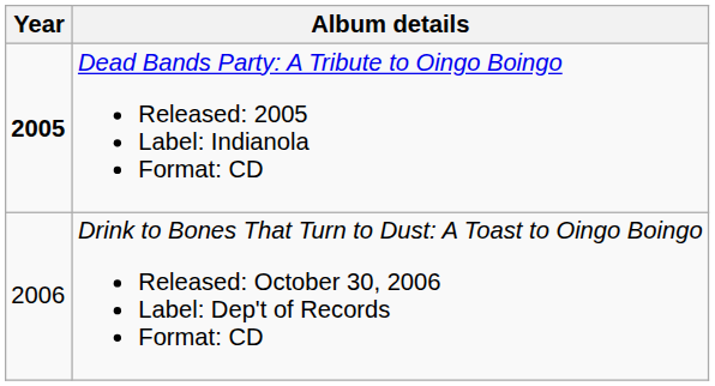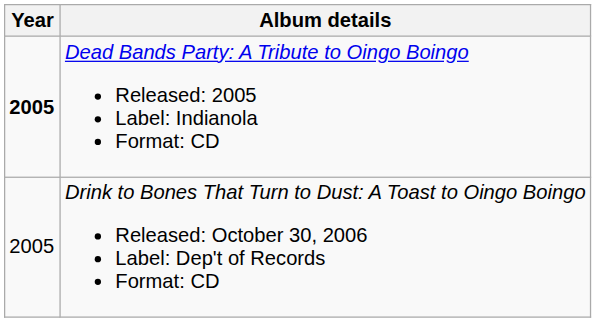 <table class="wikitable">
 <tr>
 <th style="width:2.3em;">Year</th>
 <th>Album details</th>
 </tr>
 <tr>
 <td><strong>2005</strong></td>
 <td><em><a href='#'>Dead Bands Party: A Tribute to Oingo Boingo</a></em><br><ul><li>Released: 2005</li><li>Label: Indianola</li><li>Format: CD</li></ul></td>
 </tr>
 <tr>
-<td>2006</td>
+<td>2005</td>
 <td><em>Drink to Bones That Turn to Dust: A Toast to Oingo Boingo</em><br><ul><li>Released: October 30, 2006</li><li>Label: Dep't of Records</li><li>Format: CD</li></ul></td>
 </tr>
 </table>
